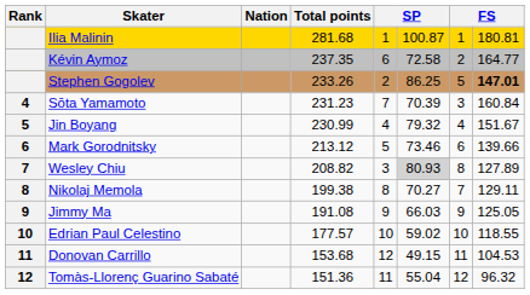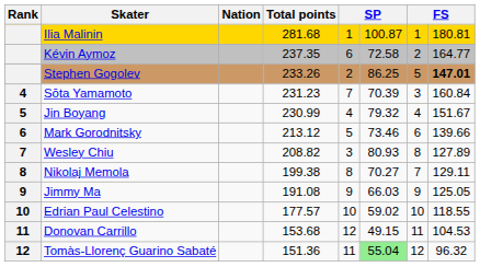 <table class="wikitable sortable" style="text-align:left">
 <tr>
 <th scope="col">Rank</th>
 <th scope="col">Skater</th>
 <th scope="col">Nation</th>
 <th scope="col">Total points</th>
 <th scope="col" colspan="2" width="80px"><a href='#'>SP</a></th>
 <th scope="col" colspan="2" width="80px"><a href='#'>FS</a></th>
 </tr>
 <tr bgcolor="gold">
 <th scope="row"></th>
 <td><a href='#'>Ilia Malinin</a></td>
 <td></td>
 <td align="center">281.68</td>
 <td align="center">1</td>
 <td align="center">100.87</td>
 <td align="center">1</td>
 <td align="center">180.81</td>
 </tr>
 <tr bgcolor="silver">
 <th scope="row"></th>
 <td><a href='#'>Kévin Aymoz</a></td>
 <td></td>
 <td align="center">237.35</td>
 <td align="center">6</td>
 <td align="center">72.58</td>
 <td align="center">2</td>
 <td align="center">164.77</td>
 </tr>
 <tr bgcolor="cc9966">
 <th scope="row"></th>
 <td><a href='#'>Stephen Gogolev</a></td>
 <td></td>
 <td align="center">233.26</td>
 <td align="center">2</td>
 <td align="center">86.25</td>
 <td align="center">5</td>
 <td align="center"><strong>147.01</strong></td>
 </tr>
 <tr>
 <th scope="row">4</th>
 <td><a href='#'>Sōta Yamamoto</a></td>
 <td></td>
 <td align="center">231.23</td>
 <td align="center">7</td>
 <td align="center">70.39</td>
 <td align="center">3</td>
 <td align="center">160.84</td>
 </tr>
 <tr>
 <th scope="row">5</th>
 <td><a href='#'>Jin Boyang</a></td>
 <td></td>
 <td align="center">230.99</td>
 <td align="center">4</td>
 <td align="center">79.32</td>
 <td align="center">4</td>
 <td align="center">151.67</td>
 </tr>
 <tr>
 <th scope="row">6</th>
 <td><a href='#'>Mark Gorodnitsky</a></td>
 <td></td>
 <td align="center">213.12</td>
 <td align="center">5</td>
 <td align="center">73.46</td>
 <td align="center">6</td>
 <td align="center">139.66</td>
 </tr>
 <tr>
 <th scope="row">7</th>
 <td><a href='#'>Wesley Chiu</a></td>
 <td></td>
 <td align="center">208.82</td>
 <td align="center">3</td>
-<td align="center" style="background: lightgrey;">80.93</td>
+<td align="center">80.93</td>
 <td align="center">8</td>
 <td align="center">127.89</td>
 </tr>
 <tr>
 <th scope="row">8</th>
 <td><a href='#'>Nikolaj Memola</a></td>
 <td></td>
 <td align="center">199.38</td>
 <td align="center">8</td>
 <td align="center">70.27</td>
 <td align="center">7</td>
 <td align="center">129.11</td>
 </tr>
 <tr>
 <th scope="row">9</th>
 <td><a href='#'>Jimmy Ma</a></td>
 <td></td>
 <td align="center">191.08</td>
 <td align="center">9</td>
 <td align="center">66.03</td>
 <td align="center">9</td>
 <td align="center">125.05</td>
 </tr>
 <tr>
 <th scope="row">10</th>
 <td><a href='#'>Edrian Paul Celestino</a></td>
 <td></td>
 <td align="center">177.57</td>
 <td align="center">10</td>
 <td align="center">59.02</td>
 <td align="center">10</td>
 <td align="center">118.55</td>
 </tr>
 <tr>
 <th scope="row">11</th>
 <td><a href='#'>Donovan Carrillo</a></td>
 <td></td>
 <td align="center">153.68</td>
 <td align="center">12</td>
 <td align="center">49.15</td>
 <td align="center">11</td>
 <td align="center">104.53</td>
 </tr>
 <tr>
 <th scope="row">12</th>
 <td><a href='#'>Tomàs-Llorenç Guarino Sabaté</a></td>
 <td></td>
 <td align="center">151.36</td>
 <td align="center">11</td>
-<td align="center">55.04</td>
+<td align="center" style="background: lightgreen;">55.04</td>
 <td align="center">12</td>
 <td align="center">96.32</td>
 </tr>
 </table>
